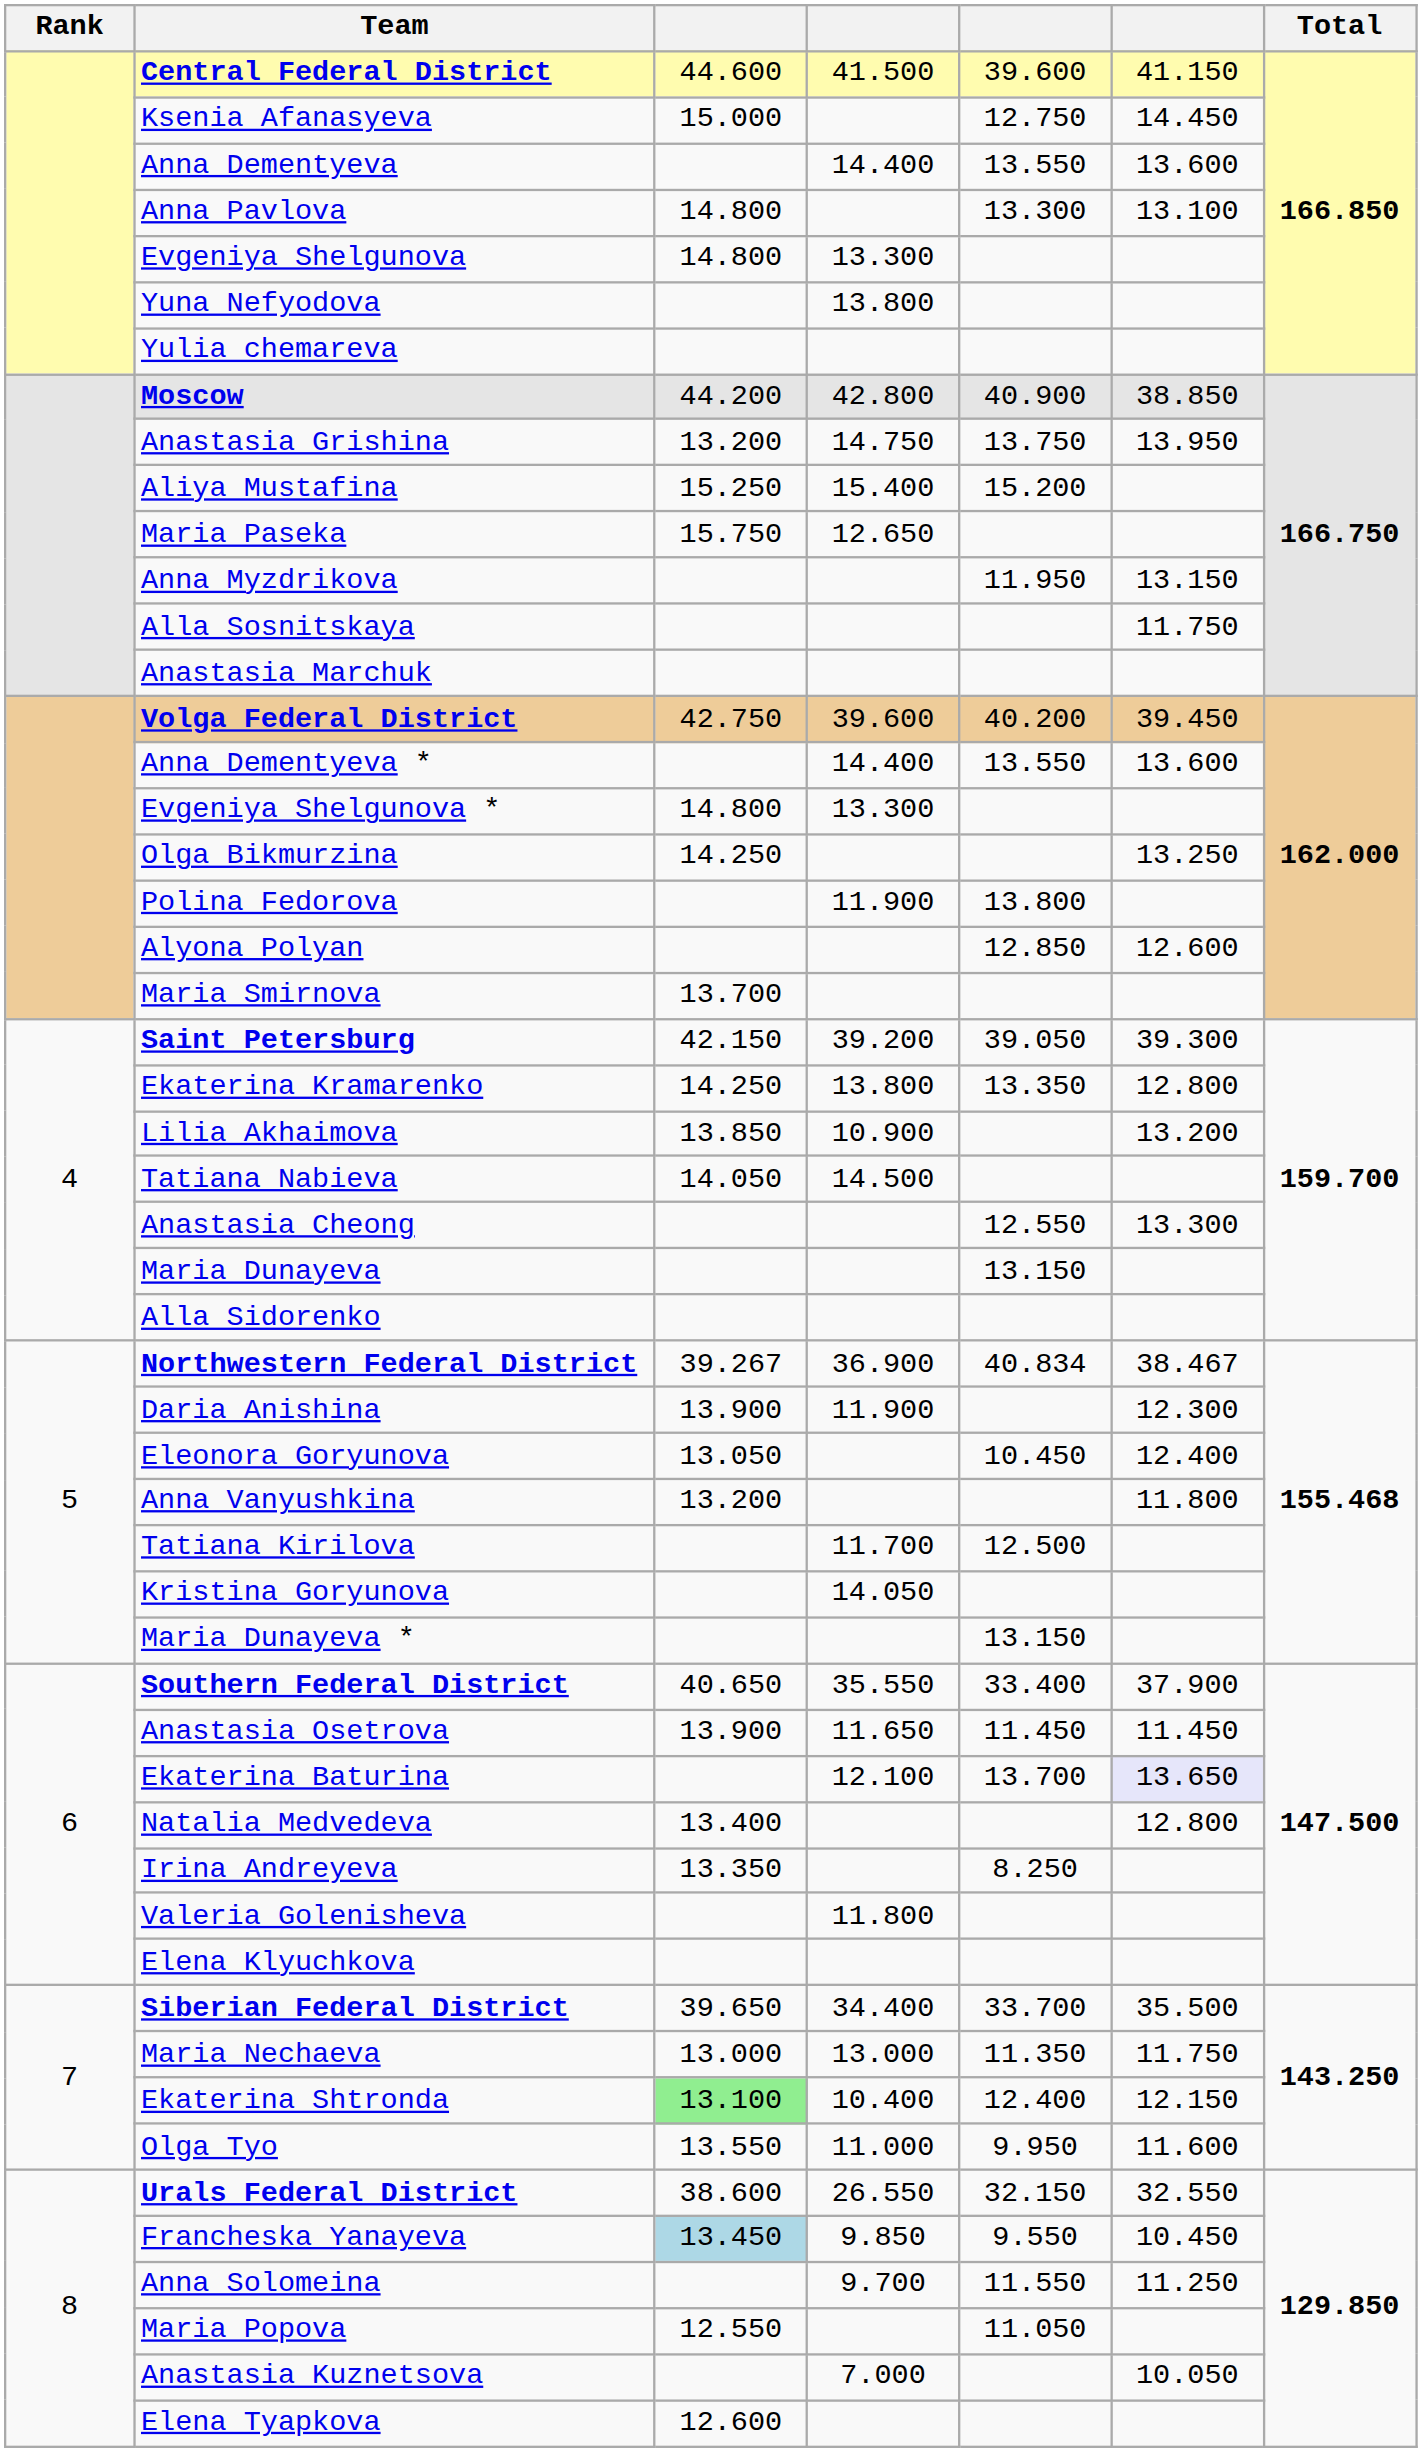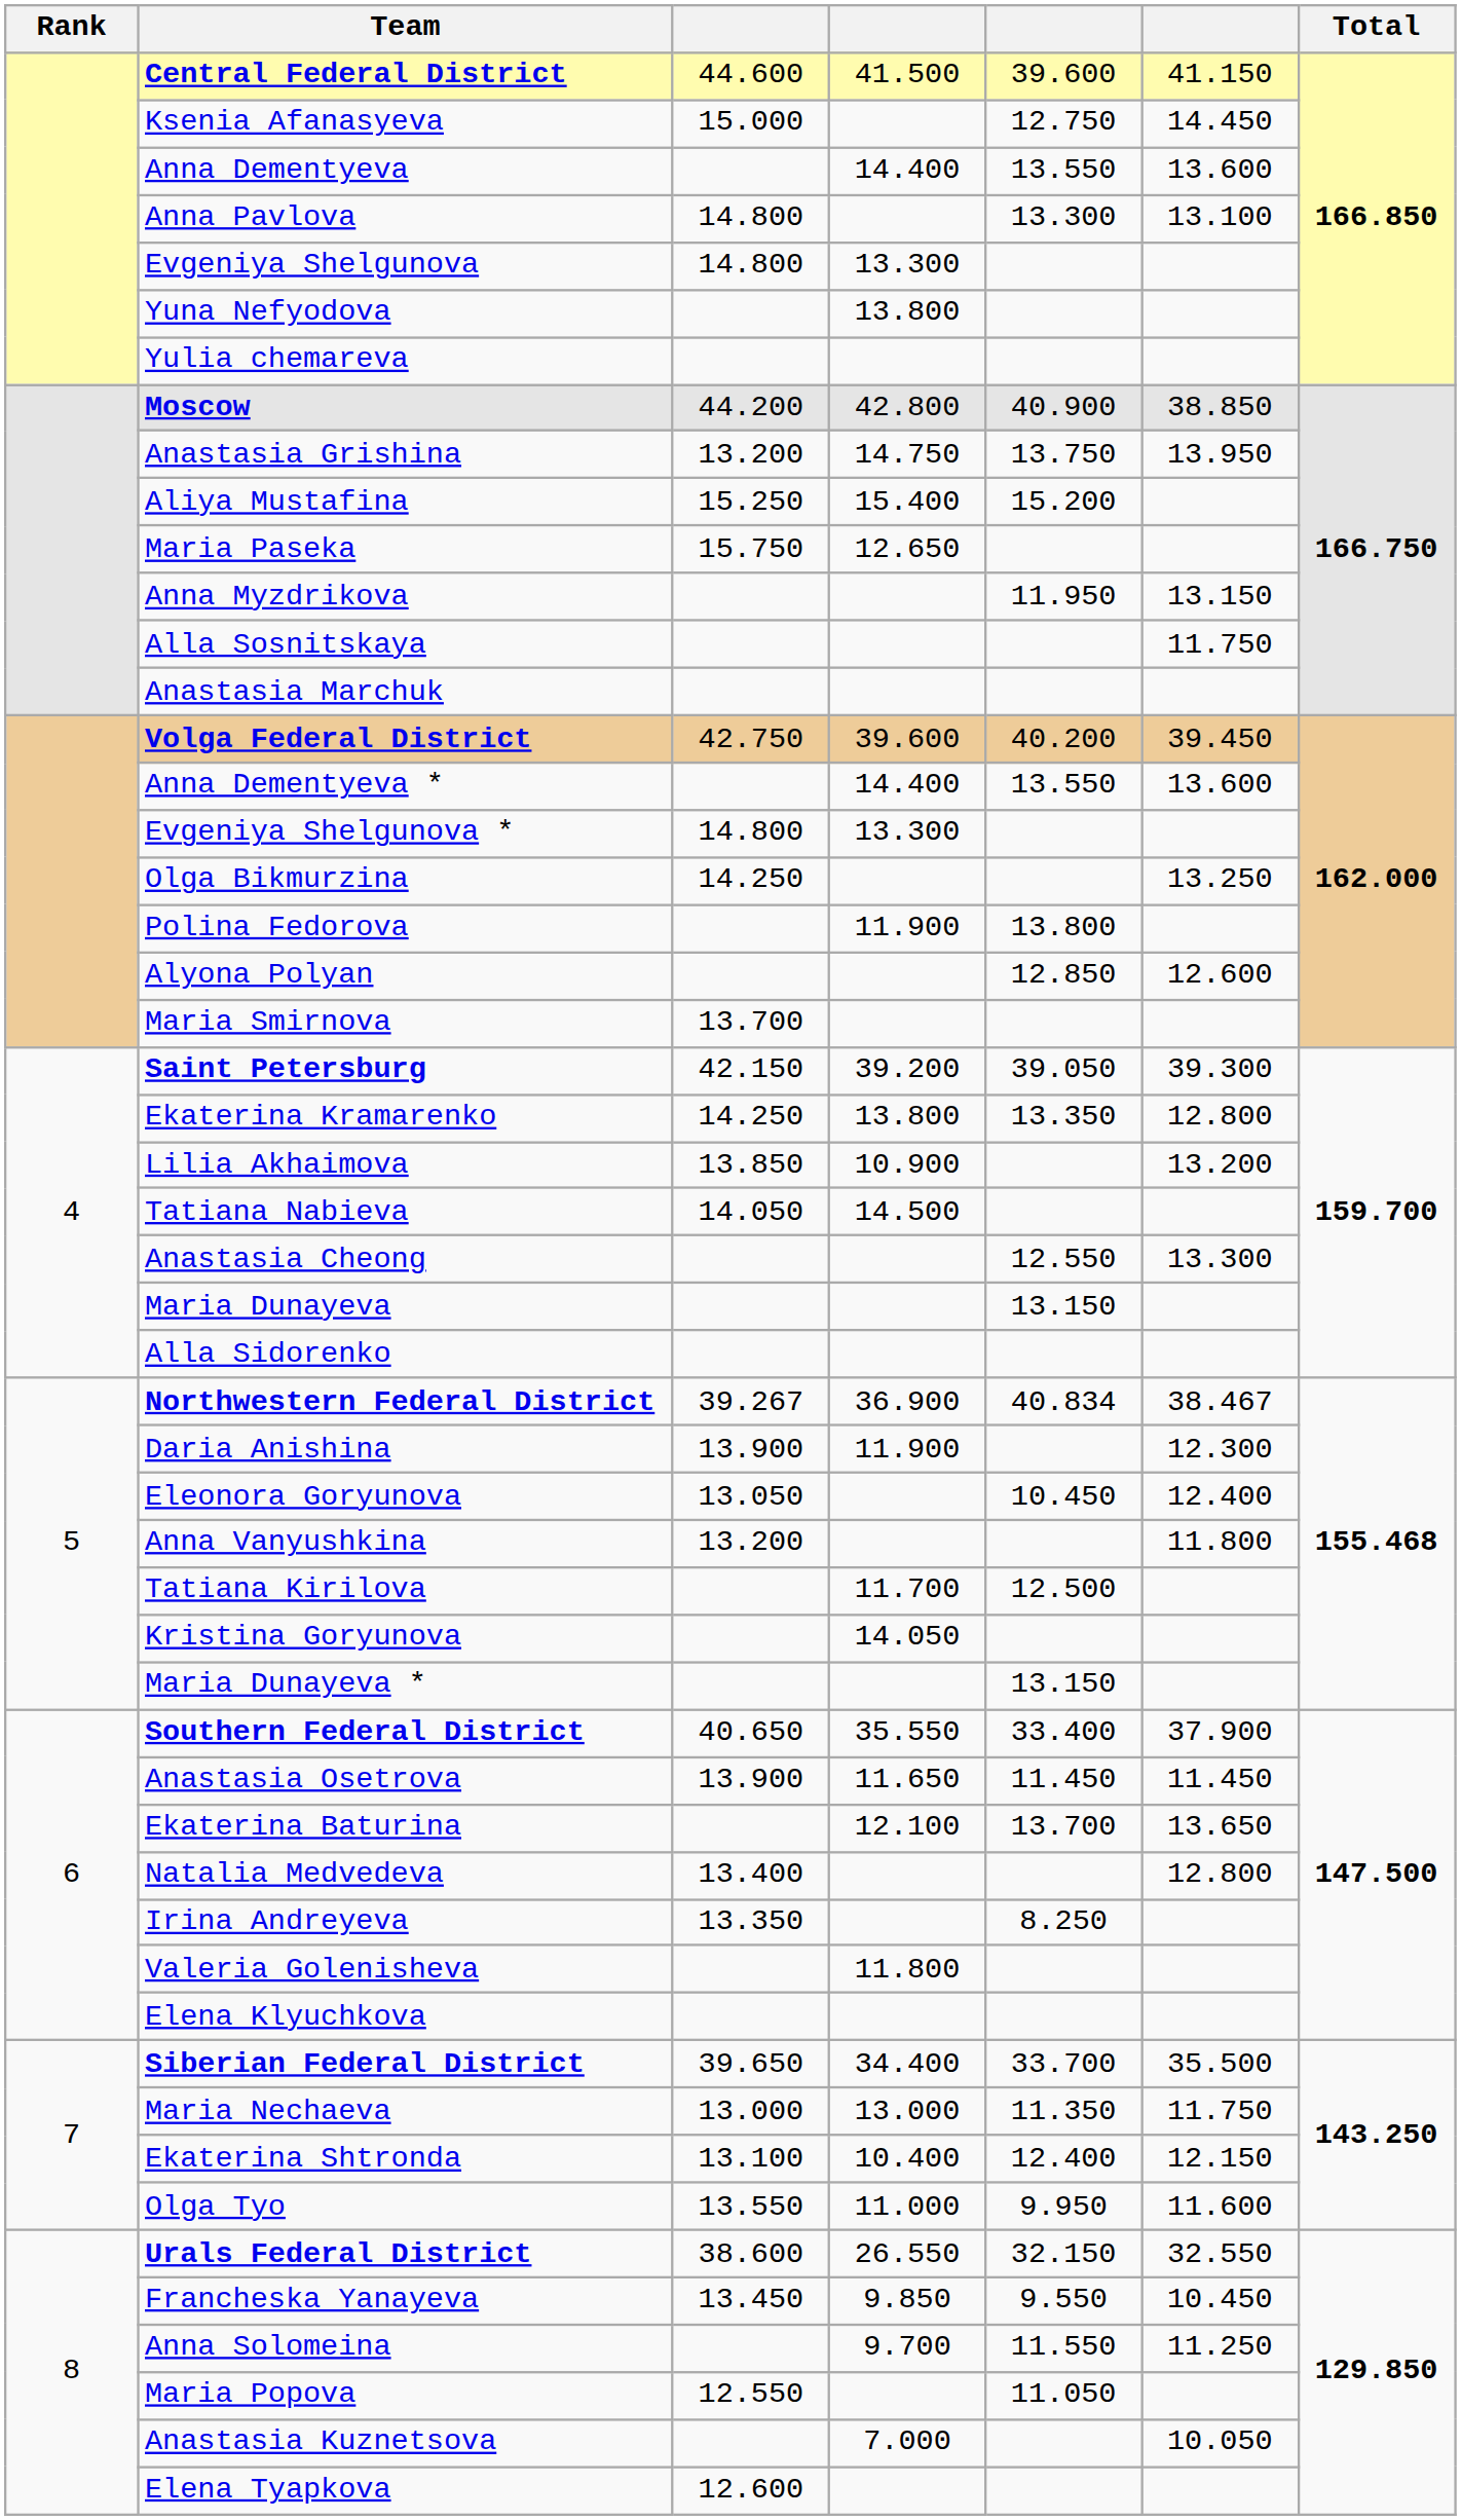 <table class="wikitable" style="text-align:center; font-size:95%">
 <tr>
 <th scope="col" style="width:50px;">Rank</th>
 <th scope="col" style="width:220px;">Team</th>
 <th scope="col" style="width:60px;"></th>
 <th scope="col" style="width:60px;"></th>
 <th scope="col" style="width:60px;"></th>
 <th scope="col" style="width:60px;"></th>
 <th scope="col" style="width:60px;">Total</th>
 </tr>
 <tr style="background:#fffcaf;">
 <td rowspan=7></td>
 <td style="text-align:left;"><strong><a href='#'>Central Federal District</a></strong></td>
 <td>44.600</td>
 <td>41.500</td>
 <td>39.600</td>
 <td>41.150</td>
 <td rowspan=7><strong>166.850</strong></td>
 </tr>
 <tr>
 <td style="text-align:left;"><a href='#'>Ksenia Afanasyeva</a></td>
 <td>15.000</td>
 <td></td>
 <td>12.750</td>
 <td>14.450</td>
 </tr>
 <tr>
 <td style="text-align:left;"><a href='#'>Anna Dementyeva</a></td>
 <td></td>
 <td>14.400</td>
 <td>13.550</td>
 <td>13.600</td>
 </tr>
 <tr>
 <td style="text-align:left;"><a href='#'>Anna Pavlova</a></td>
 <td>14.800</td>
 <td></td>
 <td>13.300</td>
 <td>13.100</td>
 </tr>
 <tr>
 <td style="text-align:left;"><a href='#'>Evgeniya Shelgunova</a></td>
 <td>14.800</td>
 <td>13.300</td>
 <td></td>
 <td></td>
 </tr>
 <tr>
 <td style="text-align:left;"><a href='#'>Yuna Nefyodova</a></td>
 <td></td>
 <td>13.800</td>
 <td></td>
 <td></td>
 </tr>
 <tr>
 <td style="text-align:left;"><a href='#'>Yulia chemareva</a></td>
 <td></td>
 <td></td>
 <td></td>
 <td></td>
 </tr>
 <tr style="background:#e5e5e5;">
 <td rowspan=7></td>
 <td style="text-align:left;"><strong><a href='#'>Moscow</a></strong></td>
 <td>44.200</td>
 <td>42.800</td>
 <td>40.900</td>
 <td>38.850</td>
 <td rowspan=7><strong>166.750</strong></td>
 </tr>
 <tr>
 <td style="text-align:left;"><a href='#'>Anastasia Grishina</a></td>
 <td>13.200</td>
 <td>14.750</td>
 <td>13.750</td>
 <td>13.950</td>
 </tr>
 <tr>
 <td style="text-align:left;"><a href='#'>Aliya Mustafina</a></td>
 <td>15.250</td>
 <td>15.400</td>
 <td>15.200</td>
 <td></td>
 </tr>
 <tr>
 <td style="text-align:left;"><a href='#'>Maria Paseka</a></td>
 <td>15.750</td>
 <td>12.650</td>
 <td></td>
 <td></td>
 </tr>
 <tr>
 <td style="text-align:left;"><a href='#'>Anna Myzdrikova</a></td>
 <td></td>
 <td></td>
 <td>11.950</td>
 <td>13.150</td>
 </tr>
 <tr>
 <td style="text-align:left;"><a href='#'>Alla Sosnitskaya</a></td>
 <td></td>
 <td></td>
 <td></td>
 <td>11.750</td>
 </tr>
 <tr>
 <td style="text-align:left;"><a href='#'>Anastasia Marchuk</a></td>
 <td></td>
 <td></td>
 <td></td>
 <td></td>
 </tr>
 <tr style="background:#ec9;">
 <td rowspan=7></td>
 <td style="text-align:left;"><strong><a href='#'>Volga Federal District</a></strong></td>
 <td>42.750</td>
 <td>39.600</td>
 <td>40.200</td>
 <td>39.450</td>
 <td rowspan=7><strong>162.000</strong></td>
 </tr>
 <tr>
 <td style="text-align:left;"><a href='#'>Anna Dementyeva</a> *</td>
 <td></td>
 <td>14.400</td>
 <td>13.550</td>
 <td>13.600</td>
 </tr>
 <tr>
 <td style="text-align:left;"><a href='#'>Evgeniya Shelgunova</a> *</td>
 <td>14.800</td>
 <td>13.300</td>
 <td></td>
 <td></td>
 </tr>
 <tr>
 <td style="text-align:left;"><a href='#'>Olga Bikmurzina</a></td>
 <td>14.250</td>
 <td></td>
 <td></td>
 <td>13.250</td>
 </tr>
 <tr>
 <td style="text-align:left;"><a href='#'>Polina Fedorova</a></td>
 <td></td>
 <td>11.900</td>
 <td>13.800</td>
 <td></td>
 </tr>
 <tr>
 <td style="text-align:left;"><a href='#'>Alyona Polyan</a></td>
 <td></td>
 <td></td>
 <td>12.850</td>
 <td>12.600</td>
 </tr>
 <tr>
 <td style="text-align:left;"><a href='#'>Maria Smirnova</a></td>
 <td>13.700</td>
 <td></td>
 <td></td>
 <td></td>
 </tr>
 <tr>
 <td rowspan=7>4</td>
 <td style="text-align:left;"><strong><a href='#'>Saint Petersburg</a></strong></td>
 <td>42.150</td>
 <td>39.200</td>
 <td>39.050</td>
 <td>39.300</td>
 <td rowspan=7><strong>159.700</strong></td>
 </tr>
 <tr>
 <td style="text-align:left;"><a href='#'>Ekaterina Kramarenko</a></td>
 <td>14.250</td>
 <td>13.800</td>
 <td>13.350</td>
 <td>12.800</td>
 </tr>
 <tr>
 <td style="text-align:left;"><a href='#'>Lilia Akhaimova</a></td>
 <td>13.850</td>
 <td>10.900</td>
 <td></td>
 <td>13.200</td>
 </tr>
 <tr>
 <td style="text-align:left;"><a href='#'>Tatiana Nabieva</a></td>
 <td>14.050</td>
 <td>14.500</td>
 <td></td>
 <td></td>
 </tr>
 <tr>
 <td style="text-align:left;"><a href='#'>Anastasia Cheong</a></td>
 <td></td>
 <td></td>
 <td>12.550</td>
 <td>13.300</td>
 </tr>
 <tr>
 <td style="text-align:left;"><a href='#'>Maria Dunayeva</a></td>
 <td></td>
 <td></td>
 <td>13.150</td>
 <td></td>
 </tr>
 <tr>
 <td style="text-align:left;"><a href='#'>Alla Sidorenko</a></td>
 <td></td>
 <td></td>
 <td></td>
 <td></td>
 </tr>
 <tr>
 <td rowspan=7>5</td>
 <td style="text-align:left;"><strong><a href='#'>Northwestern Federal District</a></strong></td>
 <td>39.267</td>
 <td>36.900</td>
 <td>40.834</td>
 <td>38.467</td>
 <td rowspan=7><strong>155.468</strong></td>
 </tr>
 <tr>
 <td style="text-align:left;"><a href='#'>Daria Anishina</a></td>
 <td>13.900</td>
 <td>11.900</td>
 <td></td>
 <td>12.300</td>
 </tr>
 <tr>
 <td style="text-align:left;"><a href='#'>Eleonora Goryunova</a></td>
 <td>13.050</td>
 <td></td>
 <td>10.450</td>
 <td>12.400</td>
 </tr>
 <tr>
 <td style="text-align:left;"><a href='#'>Anna Vanyushkina</a></td>
 <td>13.200</td>
 <td></td>
 <td></td>
 <td>11.800</td>
 </tr>
 <tr>
 <td style="text-align:left;"><a href='#'>Tatiana Kirilova</a></td>
 <td></td>
 <td>11.700</td>
 <td>12.500</td>
 <td></td>
 </tr>
 <tr>
 <td style="text-align:left;"><a href='#'>Kristina Goryunova</a></td>
 <td></td>
 <td>14.050</td>
 <td></td>
 <td></td>
 </tr>
 <tr>
 <td style="text-align:left;"><a href='#'>Maria Dunayeva</a> *</td>
 <td></td>
 <td></td>
 <td>13.150</td>
 <td></td>
 </tr>
 <tr>
 <td rowspan=7>6</td>
 <td style="text-align:left;"><strong><a href='#'>Southern Federal District</a></strong></td>
 <td>40.650</td>
 <td>35.550</td>
 <td>33.400</td>
 <td>37.900</td>
 <td rowspan=7><strong>147.500</strong></td>
 </tr>
 <tr>
 <td style="text-align:left;"><a href='#'>Anastasia Osetrova</a></td>
 <td>13.900</td>
 <td>11.650</td>
 <td>11.450</td>
 <td>11.450</td>
 </tr>
 <tr>
 <td style="text-align:left;"><a href='#'>Ekaterina Baturina</a></td>
 <td></td>
 <td>12.100</td>
 <td>13.700</td>
-<td style="background: lavender;">13.650</td>
+<td>13.650</td>
 </tr>
 <tr>
 <td style="text-align:left;"><a href='#'>Natalia Medvedeva</a></td>
 <td>13.400</td>
 <td></td>
 <td></td>
 <td>12.800</td>
 </tr>
 <tr>
 <td style="text-align:left;"><a href='#'>Irina Andreyeva</a></td>
 <td>13.350</td>
 <td></td>
 <td>8.250</td>
 <td></td>
 </tr>
 <tr>
 <td style="text-align:left;"><a href='#'>Valeria Golenisheva</a></td>
 <td></td>
 <td>11.800</td>
 <td></td>
 <td></td>
 </tr>
 <tr>
 <td style="text-align:left;"><a href='#'>Elena Klyuchkova</a></td>
 <td></td>
 <td></td>
 <td></td>
 <td></td>
 </tr>
 <tr>
 <td rowspan=4>7</td>
 <td style="text-align:left;"><strong><a href='#'>Siberian Federal District</a></strong></td>
 <td>39.650</td>
 <td>34.400</td>
 <td>33.700</td>
 <td>35.500</td>
 <td rowspan=4><strong>143.250</strong></td>
 </tr>
 <tr>
 <td style="text-align:left;"><a href='#'>Maria Nechaeva</a></td>
 <td>13.000</td>
 <td>13.000</td>
 <td>11.350</td>
 <td>11.750</td>
 </tr>
 <tr>
 <td style="text-align:left;"><a href='#'>Ekaterina Shtronda</a></td>
-<td style="background: lightgreen;">13.100</td>
+<td>13.100</td>
 <td>10.400</td>
 <td>12.400</td>
 <td>12.150</td>
 </tr>
 <tr>
 <td style="text-align:left;"><a href='#'>Olga Tyo</a></td>
 <td>13.550</td>
 <td>11.000</td>
 <td>9.950</td>
 <td>11.600</td>
 </tr>
 <tr>
 <td rowspan=6>8</td>
 <td style="text-align:left;"><strong><a href='#'>Urals Federal District</a></strong></td>
 <td>38.600</td>
 <td>26.550</td>
 <td>32.150</td>
 <td>32.550</td>
 <td rowspan=6><strong>129.850</strong></td>
 </tr>
 <tr>
 <td style="text-align:left;"><a href='#'>Francheska Yanayeva</a></td>
-<td style="background: lightblue;">13.450</td>
+<td>13.450</td>
 <td>9.850</td>
 <td>9.550</td>
 <td>10.450</td>
 </tr>
 <tr>
 <td style="text-align:left;"><a href='#'>Anna Solomeina</a></td>
 <td></td>
 <td>9.700</td>
 <td>11.550</td>
 <td>11.250</td>
 </tr>
 <tr>
 <td style="text-align:left;"><a href='#'>Maria Popova</a></td>
 <td>12.550</td>
 <td></td>
 <td>11.050</td>
 <td></td>
 </tr>
 <tr>
 <td style="text-align:left;"><a href='#'>Anastasia Kuznetsova</a></td>
 <td></td>
 <td>7.000</td>
 <td></td>
 <td>10.050</td>
 </tr>
 <tr>
 <td style="text-align:left;"><a href='#'>Elena Tyapkova</a></td>
 <td>12.600</td>
 <td></td>
 <td></td>
 <td></td>
 </tr>
 </table>
